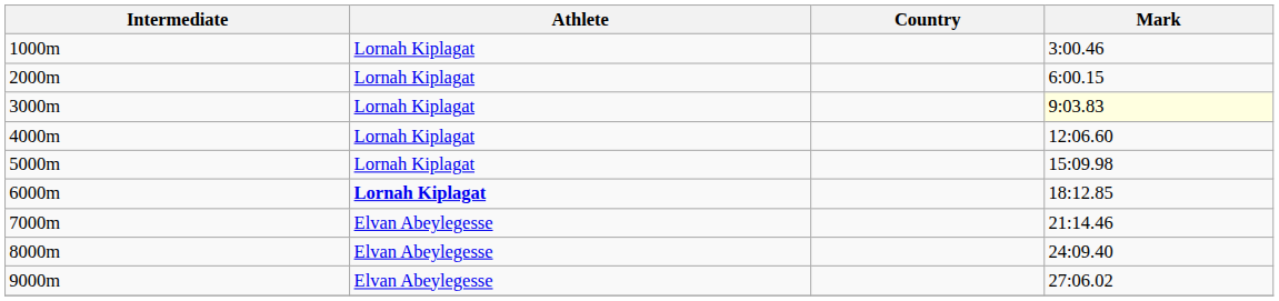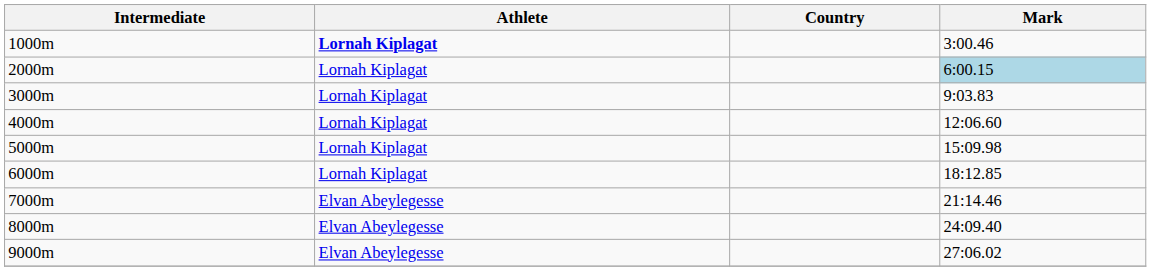 <table class="wikitable" width=70%>
 <tr>
 <th>Intermediate</th>
 <th>Athlete</th>
 <th>Country</th>
 <th>Mark</th>
 </tr>
 <tr>
 <td>1000m</td>
-<td><a href='#'>Lornah Kiplagat</a></td>
+<td><strong><a href='#'>Lornah Kiplagat</a></strong></td>
 <td></td>
 <td>3:00.46</td>
 </tr>
 <tr>
 <td>2000m</td>
 <td><a href='#'>Lornah Kiplagat</a></td>
 <td></td>
-<td>6:00.15</td>
+<td style="background: lightblue;">6:00.15</td>
 </tr>
 <tr>
 <td>3000m</td>
 <td><a href='#'>Lornah Kiplagat</a></td>
 <td></td>
-<td style="background: lightyellow;">9:03.83</td>
+<td>9:03.83</td>
 </tr>
 <tr>
 <td>4000m</td>
 <td><a href='#'>Lornah Kiplagat</a></td>
 <td></td>
 <td>12:06.60</td>
 </tr>
 <tr>
 <td>5000m</td>
 <td><a href='#'>Lornah Kiplagat</a></td>
 <td></td>
 <td>15:09.98</td>
 </tr>
 <tr>
 <td>6000m</td>
-<td><strong><a href='#'>Lornah Kiplagat</a></strong></td>
+<td><a href='#'>Lornah Kiplagat</a></td>
 <td></td>
 <td>18:12.85</td>
 </tr>
 <tr>
 <td>7000m</td>
 <td><a href='#'>Elvan Abeylegesse</a></td>
 <td></td>
 <td>21:14.46</td>
 </tr>
 <tr>
 <td>8000m</td>
 <td><a href='#'>Elvan Abeylegesse</a></td>
 <td></td>
 <td>24:09.40</td>
 </tr>
 <tr>
 <td>9000m</td>
 <td><a href='#'>Elvan Abeylegesse</a></td>
 <td></td>
 <td>27:06.02</td>
 </tr>
 <tr>
 </tr>
 </table>
